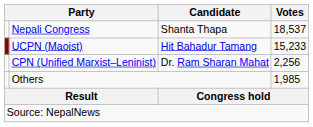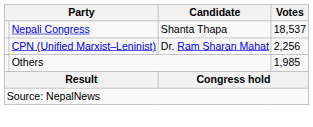 <table class="wikitable">
 <tr>
 <th colspan="2">Party</th>
 <th>Candidate</th>
 <th>Votes</th>
 </tr>
 <tr>
 <td style="background-color:"></td>
 <td><a href='#'>Nepali Congress</a></td>
 <td>Shanta Thapa</td>
 <td>18,537</td>
-</tr>
-<tr>
-<td style="background-color:darkred"></td>
-<td><a href='#'>UCPN (Maoist)</a></td>
-<td><a href='#'>Hit Bahadur Tamang</a></td>
-<td>15,233</td>
 </tr>
 <tr>
 <td style="background-color:"></td>
 <td><a href='#'>CPN (Unified Marxist–Leninist)</a></td>
 <td>Dr. <a href='#'>Ram Sharan Mahat</a></td>
 <td>2,256</td>
 </tr>
 <tr>
 <td></td>
 <td colspan="2">Others</td>
 <td>1,985</td>
 </tr>
 <tr>
 <th colspan="2">Result</th>
 <th colspan="2">Congress hold</th>
 </tr>
 <tr>
 <td colspan="4">Source: NepalNews</td>
 </tr>
 </table>
